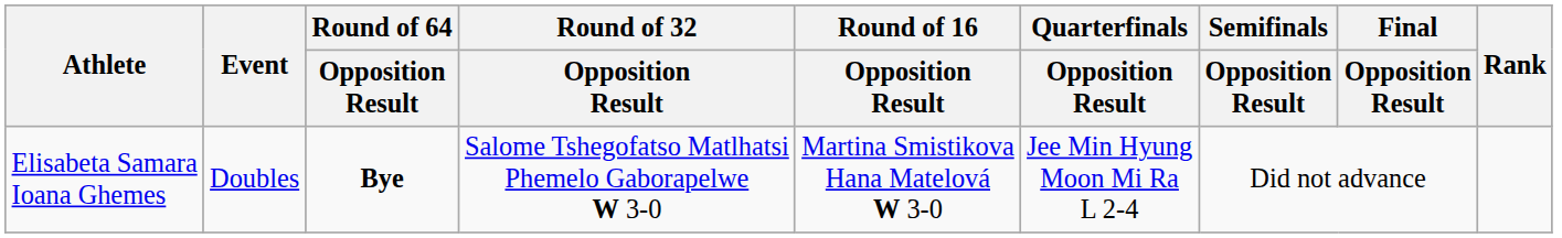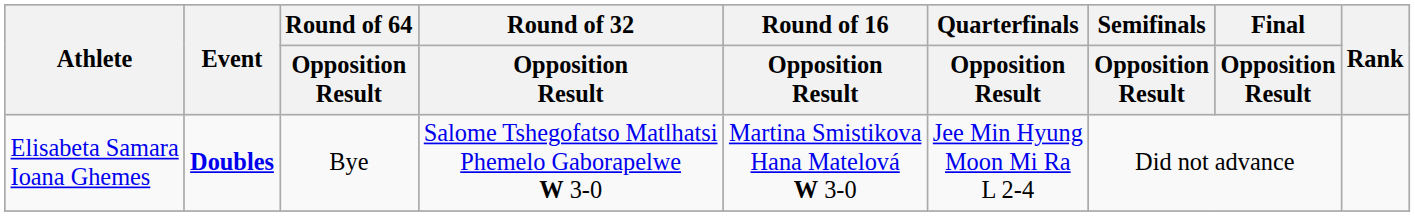 <table class="wikitable" border="1" style="font-size:90%">
 <tr>
 <th rowspan=2>Athlete</th>
 <th rowspan=2>Event</th>
 <th colspan="1">Round of 64</th>
 <th colspan="1">Round of 32</th>
 <th colspan="1">Round of 16</th>
 <th colspan="1">Quarterfinals</th>
 <th colspan="1">Semifinals</th>
 <th colspan="1">Final</th>
 <th rowspan="2">Rank</th>
 </tr>
 <tr>
 <th>Opposition<br>Result</th>
 <th>Opposition<br>Result</th>
 <th>Opposition<br>Result</th>
 <th>Opposition<br>Result</th>
 <th>Opposition<br>Result</th>
 <th>Opposition<br>Result</th>
 </tr>
 <tr>
 <td><a href='#'>Elisabeta Samara</a><br><a href='#'>Ioana Ghemes</a></td>
-<td><a href='#'>Doubles</a></td>
-<td align=center><strong>Bye</strong></td>
+<td><strong><a href='#'>Doubles</a></strong></td>
+<td align=center>Bye</td>
 <td align=center> <a href='#'>Salome Tshegofatso Matlhatsi</a><br><a href='#'>Phemelo Gaborapelwe</a><br>  <strong>W</strong> 3-0</td>
 <td align=center> <a href='#'>Martina Smistikova</a><br><a href='#'>Hana Matelová</a><br>  <strong>W</strong> 3-0</td>
 <td align=center> <a href='#'>Jee Min Hyung</a><br><a href='#'>Moon Mi Ra</a><br> L 2-4</td>
 <td colspan="2" align=center>Did not advance</td>
 <td align=center></td>
 </tr>
 </table>
